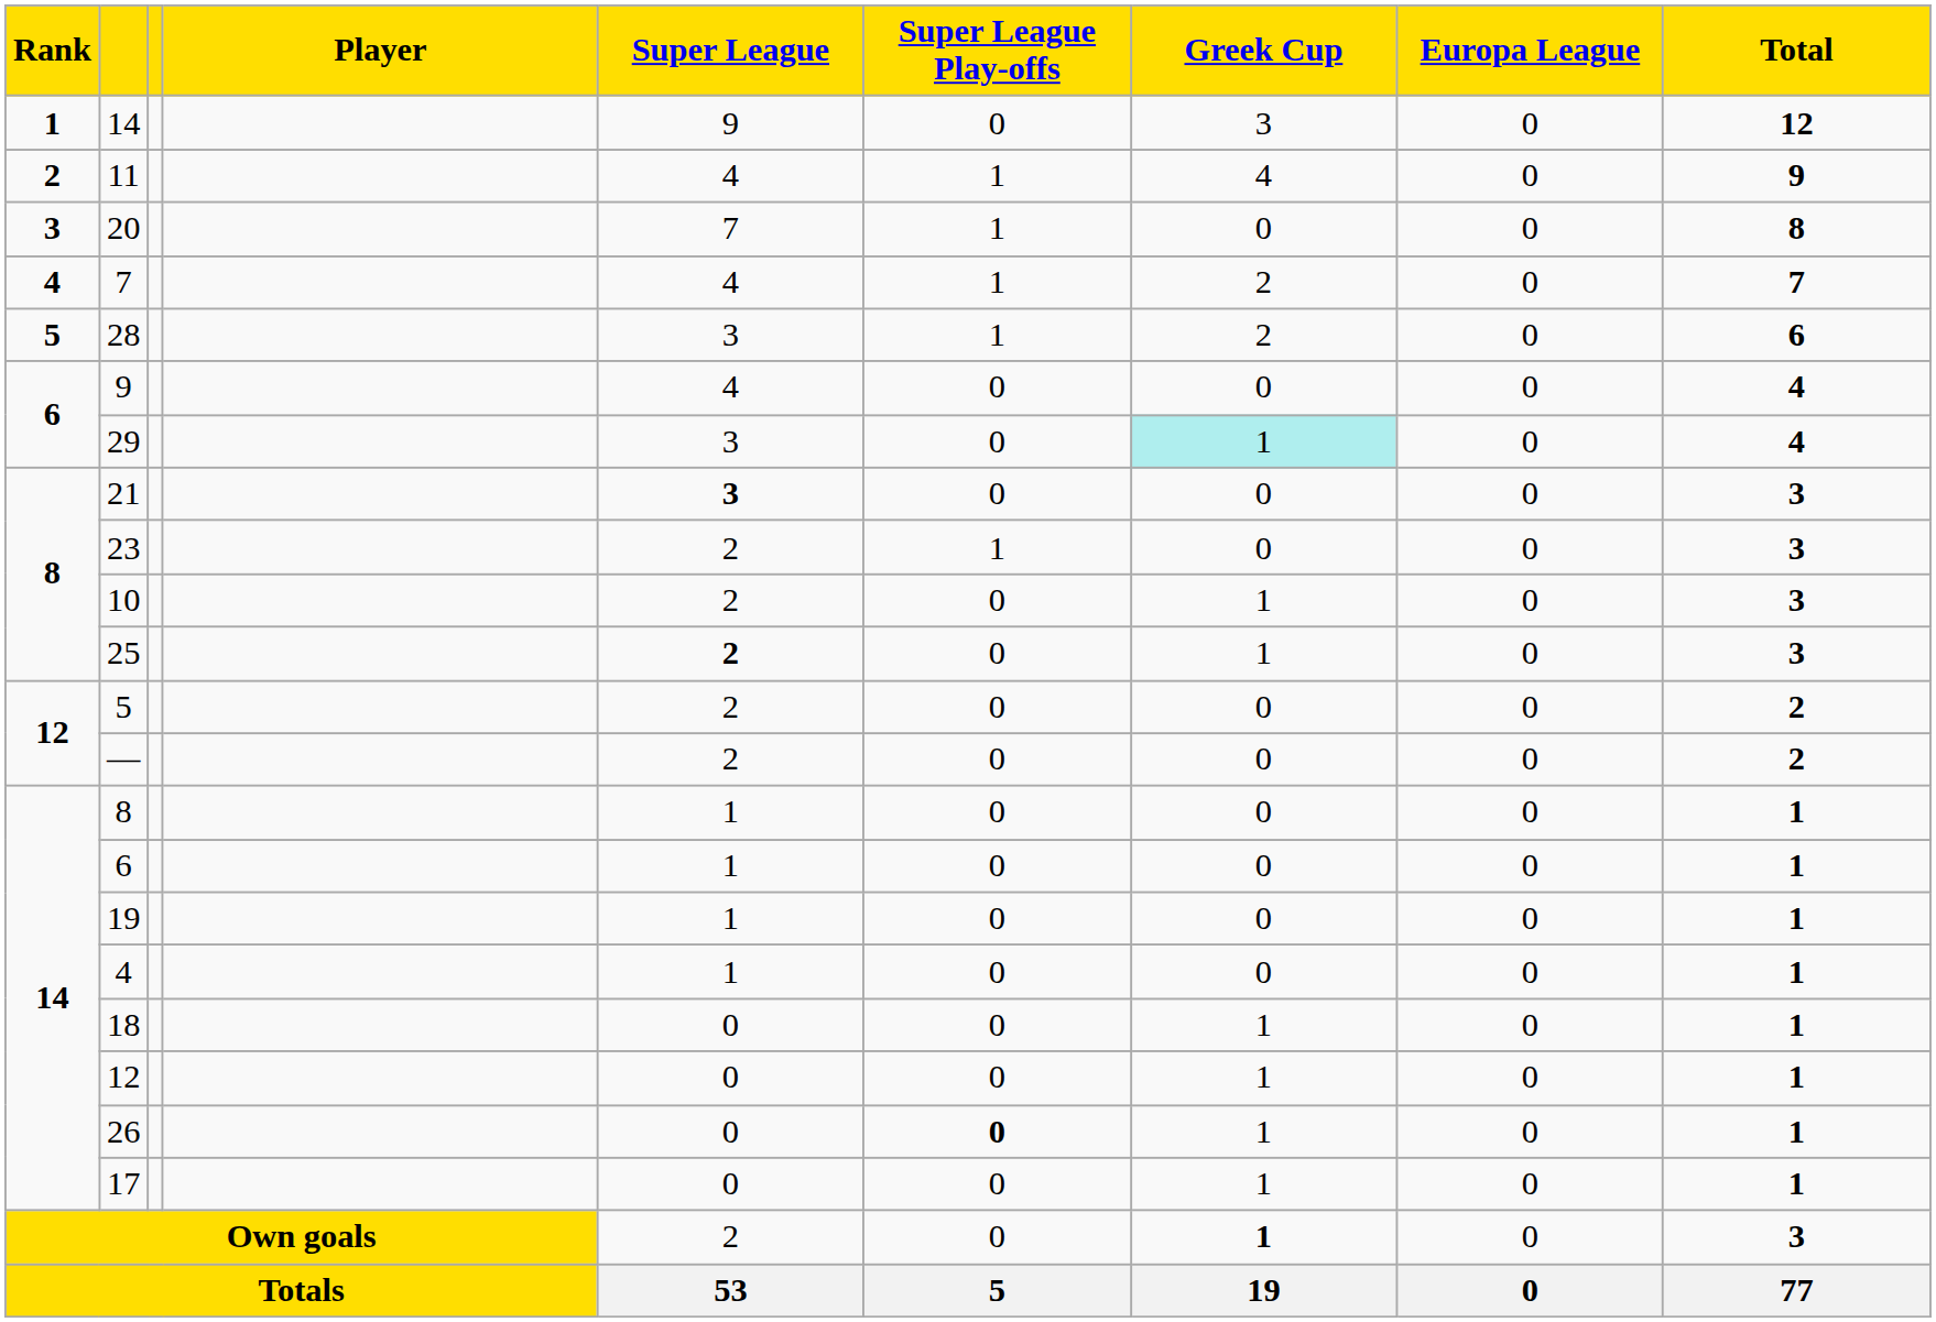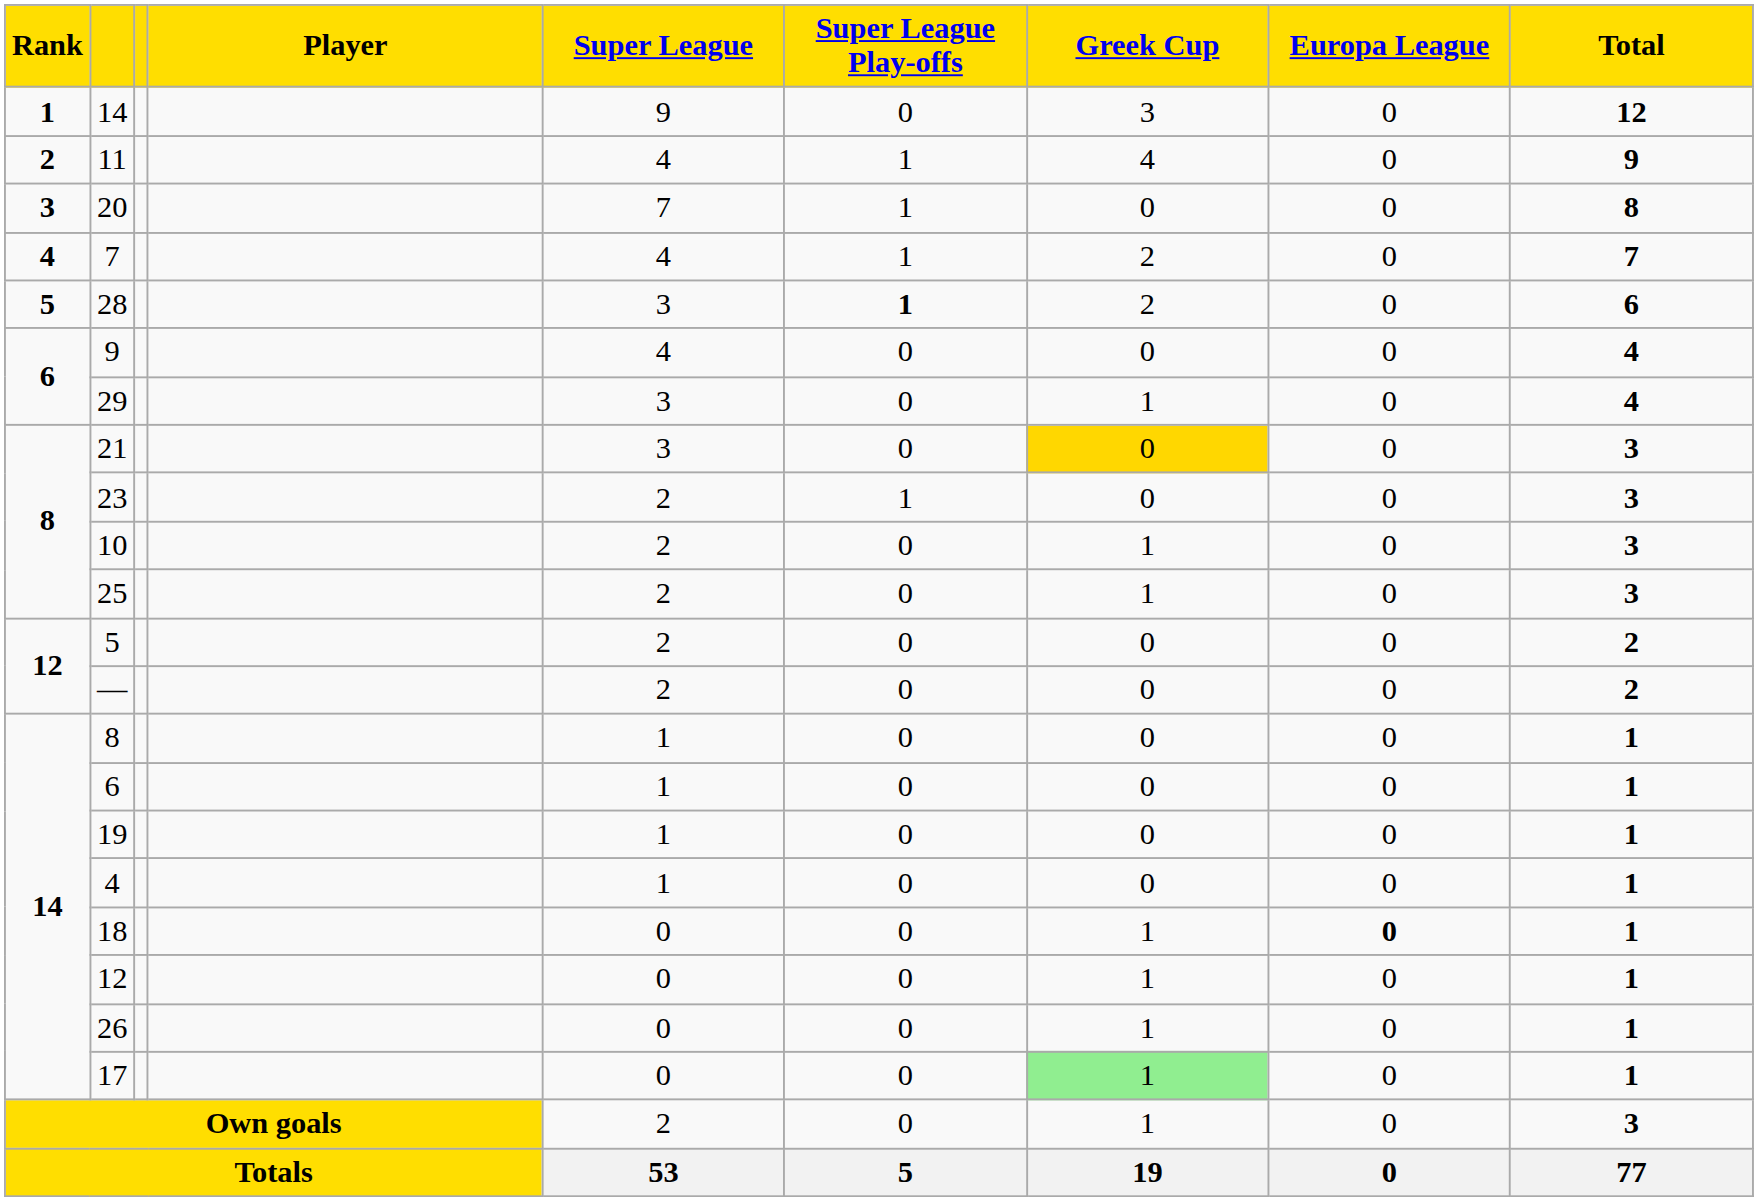 <table class="wikitable sortable" style="text-align: center">
 <tr>
 <th style="background:#FFDE00">Rank</th>
 <th style="background:#FFDE00"></th>
 <th style="background:#FFDE00"></th>
 <th width=200 style="background:#FFDE00">Player</th>
 <th width=120 style="background:#FFDE00"><a href='#'>Super League</a></th>
 <th width=120 style="background:#FFDE00"><a href='#'>Super League Play-offs</a></th>
 <th width=120 style="background:#FFDE00"><a href='#'>Greek Cup</a></th>
 <th width=120 style="background:#FFDE00"><a href='#'>Europa League</a></th>
 <th width=120 style="background:#FFDE00">Total</th>
 </tr>
 <tr>
 <td><strong>1</strong></td>
 <td>14</td>
 <td></td>
 <td align=left></td>
 <td>9</td>
 <td>0</td>
 <td>3</td>
 <td>0</td>
 <td><strong>12</strong></td>
 </tr>
 <tr>
 <td><strong>2</strong></td>
 <td>11</td>
 <td></td>
 <td align=left></td>
 <td>4</td>
 <td>1</td>
 <td>4</td>
 <td>0</td>
 <td><strong>9</strong></td>
 </tr>
 <tr>
 <td><strong>3</strong></td>
 <td>20</td>
 <td></td>
 <td align=left></td>
 <td>7</td>
 <td>1</td>
 <td>0</td>
 <td>0</td>
 <td><strong>8</strong></td>
 </tr>
 <tr>
 <td><strong>4</strong></td>
 <td>7</td>
 <td></td>
 <td align=left></td>
 <td>4</td>
 <td>1</td>
 <td>2</td>
 <td>0</td>
 <td><strong>7</strong></td>
 </tr>
 <tr>
 <td><strong>5</strong></td>
 <td>28</td>
 <td></td>
 <td align=left></td>
 <td>3</td>
-<td>1</td>
+<td><strong>1</strong></td>
 <td>2</td>
 <td>0</td>
 <td><strong>6</strong></td>
 </tr>
 <tr>
 <td rowspan=2><strong>6</strong></td>
 <td>9</td>
 <td></td>
 <td align=left></td>
 <td>4</td>
 <td>0</td>
 <td>0</td>
 <td>0</td>
 <td><strong>4</strong></td>
 </tr>
 <tr>
 <td>29</td>
 <td></td>
 <td align=left></td>
 <td>3</td>
 <td>0</td>
-<td style="background: paleturquoise;">1</td>
+<td>1</td>
 <td>0</td>
 <td><strong>4</strong></td>
 </tr>
 <tr>
 <td rowspan=4><strong>8</strong></td>
 <td>21</td>
 <td></td>
 <td align=left></td>
-<td><strong>3</strong></td>
+<td>3</td>
 <td>0</td>
-<td>0</td>
+<td style="background: gold;">0</td>
 <td>0</td>
 <td><strong>3</strong></td>
 </tr>
 <tr>
 <td>23</td>
 <td></td>
 <td align=left></td>
 <td>2</td>
 <td>1</td>
 <td>0</td>
 <td>0</td>
 <td><strong>3</strong></td>
 </tr>
 <tr>
 <td>10</td>
 <td></td>
 <td align=left></td>
 <td>2</td>
 <td>0</td>
 <td>1</td>
 <td>0</td>
 <td><strong>3</strong></td>
 </tr>
 <tr>
 <td>25</td>
 <td></td>
 <td align=left></td>
-<td><strong>2</strong></td>
+<td>2</td>
 <td>0</td>
 <td>1</td>
 <td>0</td>
 <td><strong>3</strong></td>
 </tr>
 <tr>
 <td rowspan=2><strong>12</strong></td>
 <td>5</td>
 <td></td>
 <td align=left></td>
 <td>2</td>
 <td>0</td>
 <td>0</td>
 <td>0</td>
 <td><strong>2</strong></td>
 </tr>
 <tr>
 <td>—</td>
 <td></td>
 <td align=left></td>
 <td>2</td>
 <td>0</td>
 <td>0</td>
 <td>0</td>
 <td><strong>2</strong></td>
 </tr>
 <tr>
 <td rowspan=8><strong>14</strong></td>
 <td>8</td>
 <td></td>
 <td align=left></td>
 <td>1</td>
 <td>0</td>
 <td>0</td>
 <td>0</td>
 <td><strong>1</strong></td>
 </tr>
 <tr>
 <td>6</td>
 <td></td>
 <td align=left></td>
 <td>1</td>
 <td>0</td>
 <td>0</td>
 <td>0</td>
 <td><strong>1</strong></td>
 </tr>
 <tr>
 <td>19</td>
 <td></td>
 <td align=left></td>
 <td>1</td>
 <td>0</td>
 <td>0</td>
 <td>0</td>
 <td><strong>1</strong></td>
 </tr>
 <tr>
 <td>4</td>
 <td></td>
 <td align=left></td>
 <td>1</td>
 <td>0</td>
 <td>0</td>
 <td>0</td>
 <td><strong>1</strong></td>
 </tr>
 <tr>
 <td>18</td>
 <td></td>
 <td align=left></td>
 <td>0</td>
 <td>0</td>
 <td>1</td>
-<td>0</td>
+<td><strong>0</strong></td>
 <td><strong>1</strong></td>
 </tr>
 <tr>
 <td>12</td>
 <td></td>
 <td align=left></td>
 <td>0</td>
 <td>0</td>
 <td>1</td>
 <td>0</td>
 <td><strong>1</strong></td>
 </tr>
 <tr>
 <td>26</td>
 <td></td>
 <td align=left></td>
 <td>0</td>
-<td><strong>0</strong></td>
+<td>0</td>
 <td>1</td>
 <td>0</td>
 <td><strong>1</strong></td>
 </tr>
 <tr>
 <td>17</td>
 <td></td>
 <td align=left></td>
 <td>0</td>
 <td>0</td>
-<td>1</td>
+<td style="background: lightgreen;">1</td>
 <td>0</td>
 <td><strong>1</strong></td>
 </tr>
 <tr class="sortbottom">
 <td colspan=4 style="background:#FFDE00"><strong>Own goals</strong></td>
 <td>2</td>
 <td>0</td>
-<td><strong>1</strong></td>
+<td>1</td>
 <td>0</td>
 <td><strong>3</strong></td>
 </tr>
 <tr class="sortbottom">
 <th colspan=4 style="background:#FFDE00"><strong>Totals</strong></th>
 <th><strong>53</strong></th>
 <th><strong> 5</strong></th>
 <th><strong>19</strong></th>
 <th><strong> 0</strong></th>
 <th><strong>77</strong></th>
 </tr>
 </table>
